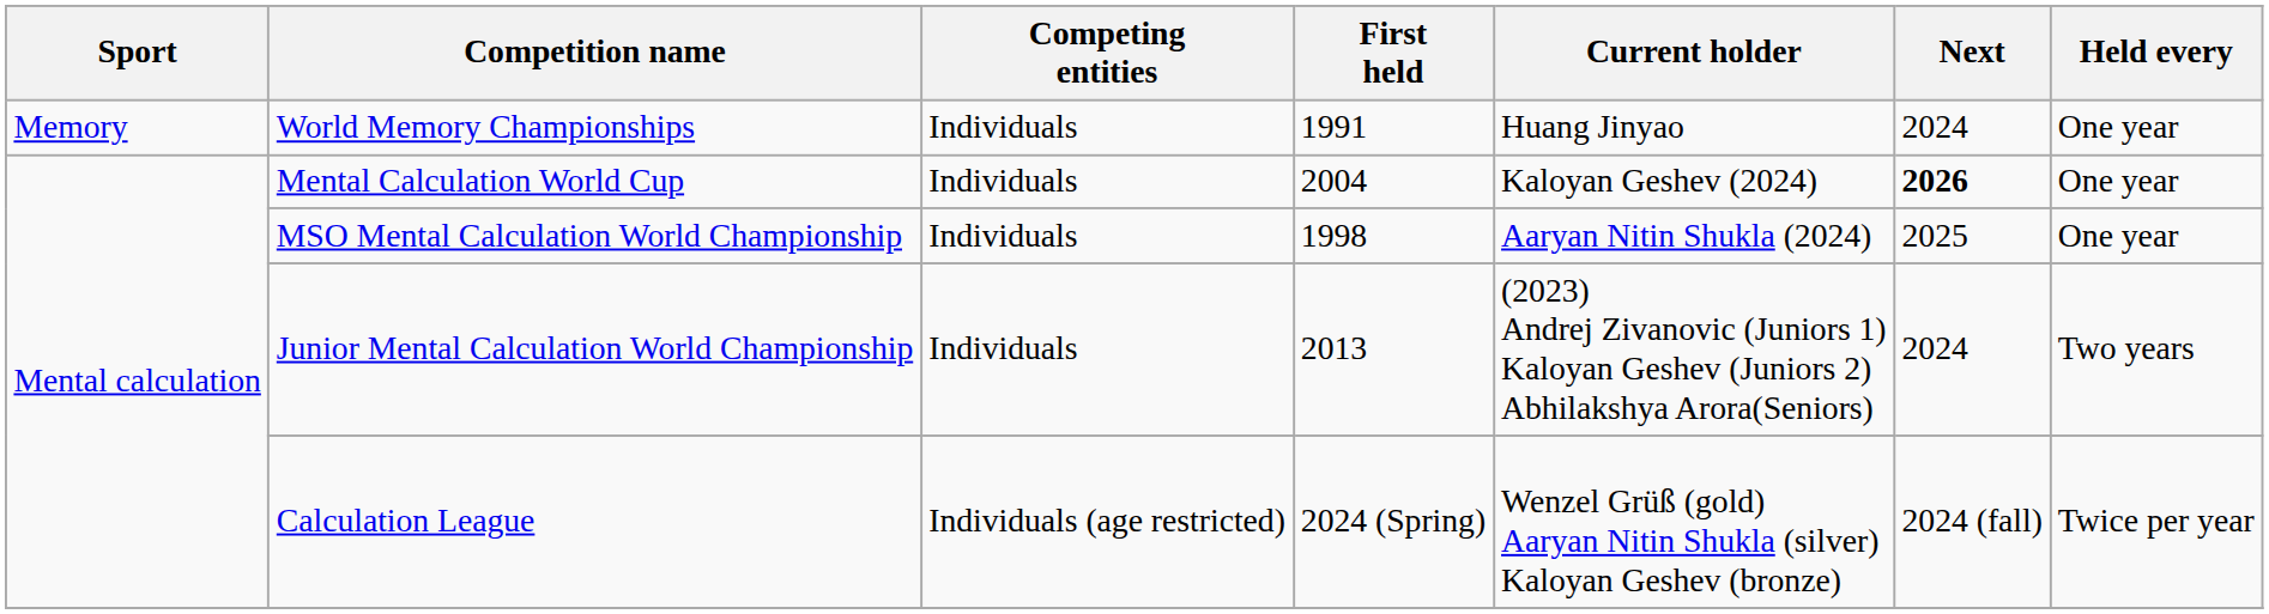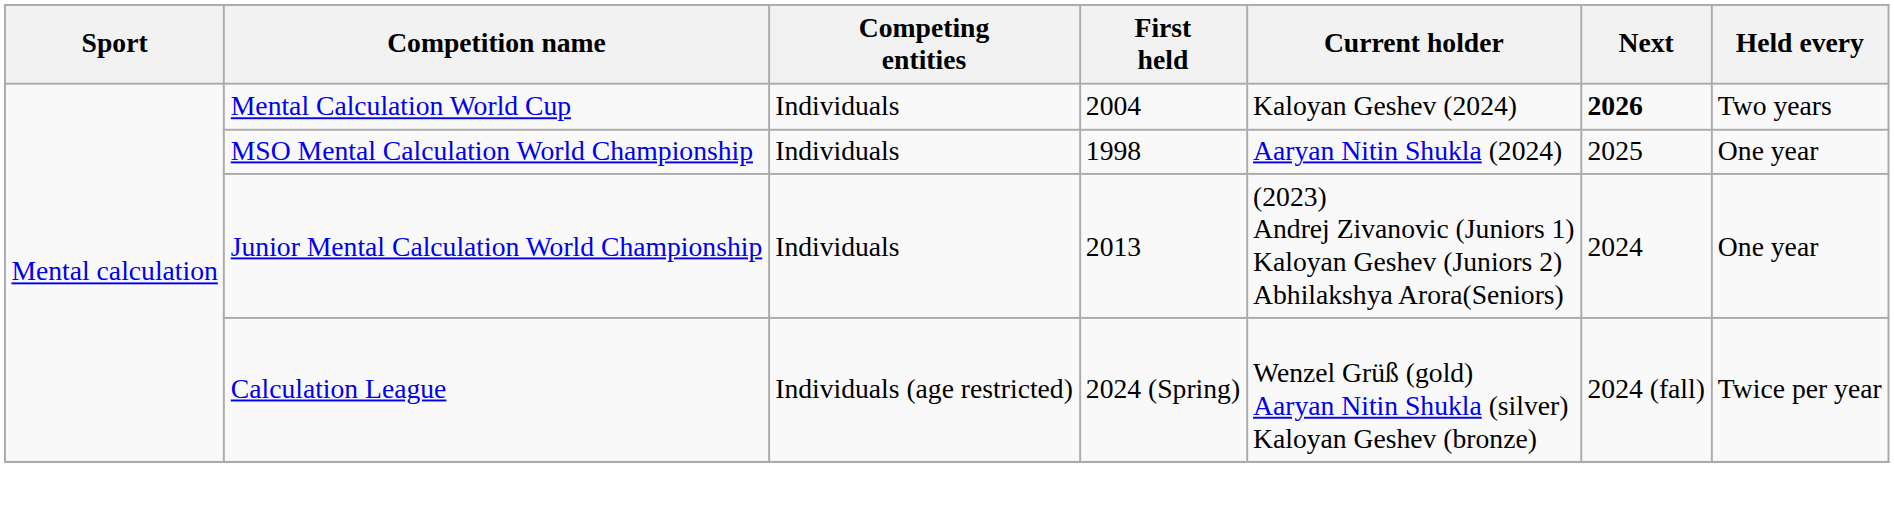 <table style="font-size:90%;" class="wikitable sortable">
 <tr>
 <th>Sport</th>
 <th>Competition name</th>
 <th>Competing <br> entities</th>
 <th>First <br> held</th>
 <th>Current holder</th>
 <th>Next</th>
 <th>Held every</th>
 </tr>
 <tr>
-<td><a href='#'>Memory</a></td>
-<td><a href='#'>World Memory Championships</a></td>
-<td>Individuals</td>
-<td>1991</td>
-<td> Huang Jinyao</td>
-<td>2024</td>
-<td>One year</td>
-</tr>
-<tr>
 <td rowspan="4"><a href='#'>Mental calculation</a></td>
 <td><a href='#'>Mental Calculation World Cup</a></td>
 <td>Individuals</td>
 <td>2004</td>
 <td>Kaloyan Geshev (2024)</td>
 <td><strong>2026</strong></td>
-<td>One year</td>
+<td>Two years</td>
 </tr>
 <tr>
 <td><a href='#'>MSO Mental Calculation World Championship</a></td>
 <td>Individuals</td>
 <td>1998</td>
 <td> <a href='#'>Aaryan Nitin Shukla</a> (2024)</td>
 <td>2025</td>
 <td>One year</td>
 </tr>
 <tr>
 <td><a href='#'>Junior Mental Calculation World Championship</a></td>
 <td>Individuals</td>
 <td>2013</td>
 <td>(2023)<br>Andrej Zivanovic (Juniors 1) <br>  Kaloyan Geshev (Juniors 2) <br> Abhilakshya Arora(Seniors)</td>
 <td>2024</td>
-<td>Two years</td>
+<td>One year</td>
 </tr>
 <tr>
 <td><a href='#'>Calculation League</a></td>
 <td>Individuals (age restricted)</td>
 <td>2024 (Spring)</td>
 <td><br>Wenzel Grüß (gold)<br> <a href='#'>Aaryan Nitin Shukla</a> (silver)<br> Kaloyan Geshev (bronze)</td>
 <td>2024 (fall)</td>
 <td>Twice per year</td>
 </tr>
 <tr>
 </tr>
 </table>
